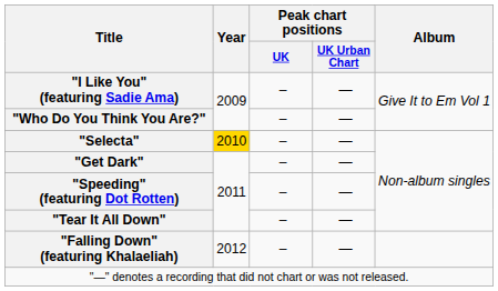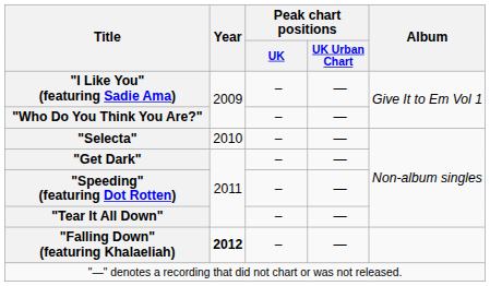 <table class="wikitable plainrowheaders" style="text-align:center;">
 <tr>
 <th scope="col" rowspan="2" style="width:15em;">Title</th>
 <th scope="col" rowspan="2">Year</th>
 <th scope="col" colspan="2">Peak chart positions</th>
 <th scope="col" rowspan="2">Album</th>
 </tr>
 <tr>
 <th scope="col" style="width:5em;font-size:85%;"><a href='#'>UK</a><br></th>
 <th scope="col" style="width:5em;font-size:85%;"><a href='#'>UK Urban Chart</a></th>
 </tr>
 <tr>
 <th scope="row">"I Like You"<br><span>(featuring <a href='#'>Sadie Ama</a>)</span></th>
 <td rowspan="2">2009</td>
 <td> –</td>
 <td> —</td>
 <td rowspan="2"><em>Give It to Em Vol 1</em></td>
 </tr>
 <tr>
 <th scope="row">"Who Do You Think You Are?"</th>
 <td> –</td>
 <td> —</td>
 </tr>
 <tr>
 <th scope="row">"Selecta"</th>
-<td style="background: gold;">2010</td>
+<td>2010</td>
 <td> –</td>
 <td> —</td>
 <td rowspan="4"><em>Non-album singles</em></td>
 </tr>
 <tr>
 <th scope="row">"Get Dark"</th>
 <td rowspan="3">2011</td>
 <td> –</td>
 <td> —</td>
 </tr>
 <tr>
 <th scope="row">"Speeding"<br><span>(featuring <a href='#'>Dot Rotten</a>)</span></th>
 <td> –</td>
 <td> —</td>
 </tr>
 <tr>
 <th scope="row">"Tear It All Down"</th>
 <td> –</td>
 <td> —</td>
 </tr>
 <tr>
 <th scope="row">"Falling Down"<br><span>(featuring Khalaeliah)</span></th>
-<td>2012</td>
+<td><strong>2012</strong></td>
 <td> –</td>
 <td> —</td>
 <td></td>
 </tr>
 <tr>
 <td colspan="5" style="font-size:85%">"—" denotes a recording that did not chart or was not released.</td>
 </tr>
 </table>
